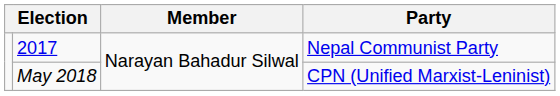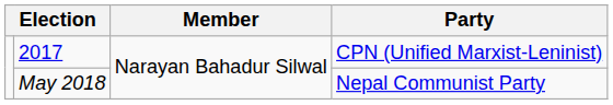 <table class="wikitable">
 <tr>
 <th colspan="2">Election</th>
 <th>Member</th>
 <th>Party</th>
 </tr>
 <tr>
 <td rowspan="2" style="background-color:"></td>
 <td><a href='#'>2017</a></td>
 <td rowspan="2">Narayan Bahadur Silwal</td>
-<td><a href='#'>Nepal Communist Party</a></td>
+<td><a href='#'>CPN (Unified Marxist-Leninist)</a></td>
 </tr>
 <tr>
 <td><em>May 2018</em></td>
-<td><a href='#'>CPN (Unified Marxist-Leninist)</a></td>
+<td><a href='#'>Nepal Communist Party</a></td>
 </tr>
 </table>
